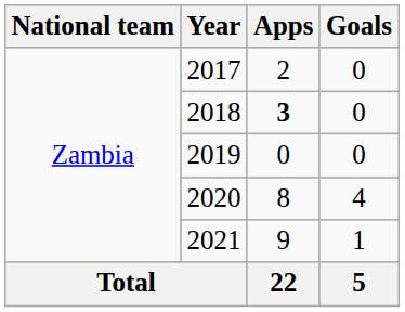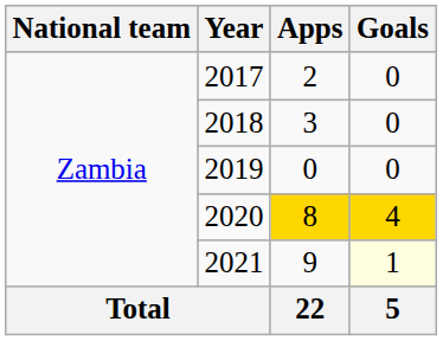 <table class="wikitable" style="text-align:center">
 <tr>
 <th>National team</th>
 <th>Year</th>
 <th>Apps</th>
 <th>Goals</th>
 </tr>
 <tr>
 <td rowspan="5"><a href='#'>Zambia</a></td>
 <td>2017</td>
 <td>2</td>
 <td>0</td>
 </tr>
 <tr>
 <td>2018</td>
-<td><strong>3</strong></td>
+<td>3</td>
 <td>0</td>
 </tr>
 <tr>
 <td>2019</td>
 <td>0</td>
 <td>0</td>
 </tr>
 <tr>
 <td>2020</td>
-<td>8</td>
-<td>4</td>
+<td style="background: gold;">8</td>
+<td style="background: gold;">4</td>
 </tr>
 <tr>
 <td>2021</td>
 <td>9</td>
-<td>1</td>
+<td style="background: lightyellow;">1</td>
 </tr>
 <tr>
 <th colspan=2>Total</th>
 <th>22</th>
 <th>5</th>
 </tr>
 </table>
